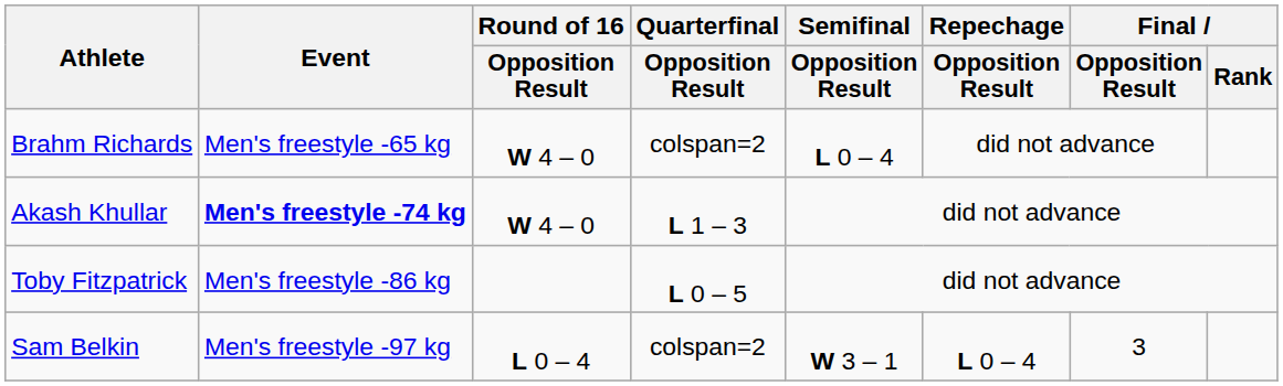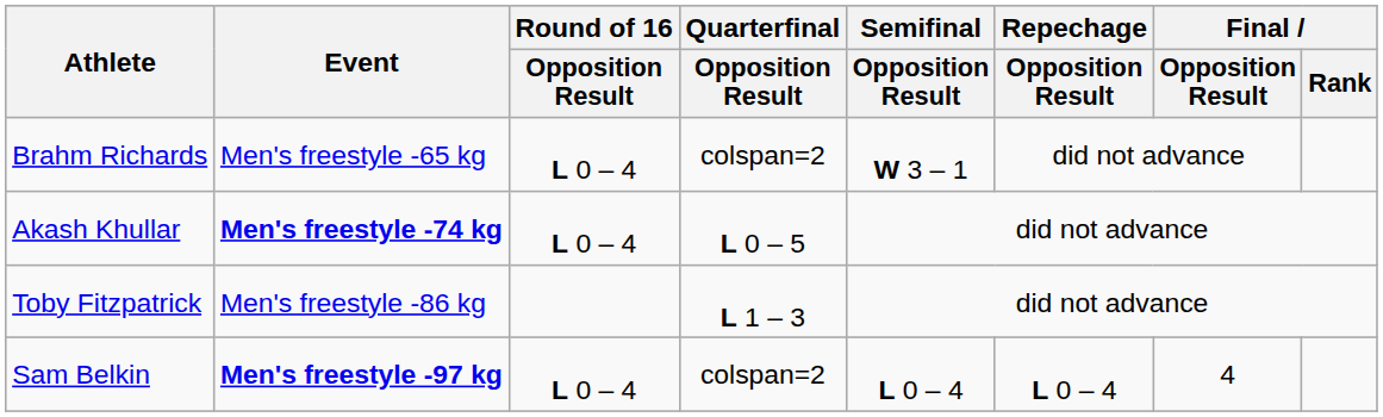 <table class="wikitable" style="font-size:90%;">
 <tr>
 <th rowspan=2>Athlete</th>
 <th rowspan=2>Event</th>
 <th>Round of 16</th>
 <th>Quarterfinal</th>
 <th>Semifinal</th>
 <th>Repechage</th>
 <th colspan=2>Final / </th>
 </tr>
 <tr style="font-size: 95%">
 <th>Opposition<br>Result</th>
 <th>Opposition<br>Result</th>
 <th>Opposition<br>Result</th>
 <th>Opposition<br>Result</th>
 <th>Opposition<br>Result</th>
 <th>Rank</th>
 </tr>
 <tr align=center>
 <td align=left><a href='#'>Brahm Richards</a></td>
 <td align=left><a href='#'>Men's freestyle -65 kg</a></td>
-<td><br><strong>W</strong> 4 – 0</td>
+<td><br><strong>L</strong> 0 – 4</td>
 <td>colspan=2 </td>
-<td><br><strong>L</strong> 0 – 4</td>
+<td><br><strong>W</strong> 3 – 1</td>
 <td colspan=2>did not advance</td>
 </tr>
 <tr align=center>
 <td align=left><a href='#'>Akash Khullar</a></td>
 <td align=left><strong><a href='#'>Men's freestyle -74 kg</a></strong></td>
-<td><br><strong>W</strong> 4 – 0</td>
-<td><br><strong>L</strong> 1 – 3</td>
+<td><br><strong>L</strong> 0 – 4</td>
+<td><br><strong>L</strong> 0 – 5</td>
 <td colspan=4>did not advance</td>
 </tr>
 <tr align=center>
 <td align=left><a href='#'>Toby Fitzpatrick</a></td>
 <td align=left><a href='#'>Men's freestyle -86 kg</a></td>
 <td></td>
-<td><br><strong>L</strong> 0 – 5</td>
+<td><br><strong>L</strong> 1 – 3</td>
 <td colspan=4>did not advance</td>
 </tr>
 <tr align=center>
 <td align=left><a href='#'>Sam Belkin</a></td>
-<td align=left><a href='#'>Men's freestyle -97 kg</a></td>
+<td align=left><strong><a href='#'>Men's freestyle -97 kg</a></strong></td>
 <td><br><strong>L</strong> 0 – 4</td>
 <td>colspan=2 </td>
-<td><br><strong>W</strong> 3 – 1</td>
 <td><br><strong>L</strong> 0 – 4</td>
-<td>3</td>
+<td><br><strong>L</strong> 0 – 4</td>
+<td>4</td>
 </tr>
 </table>
